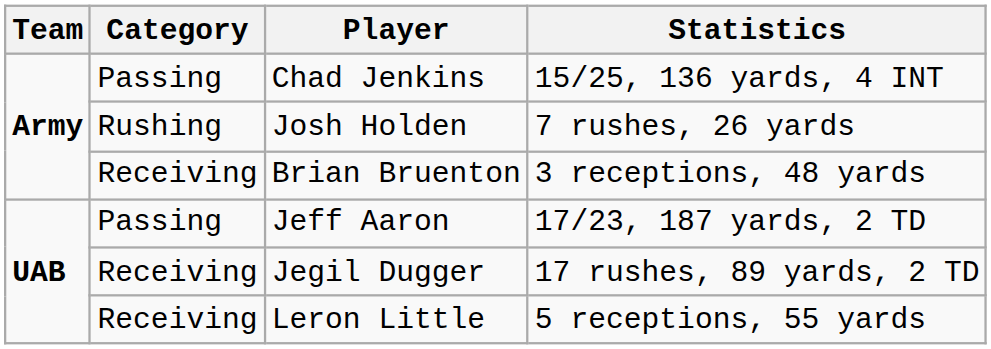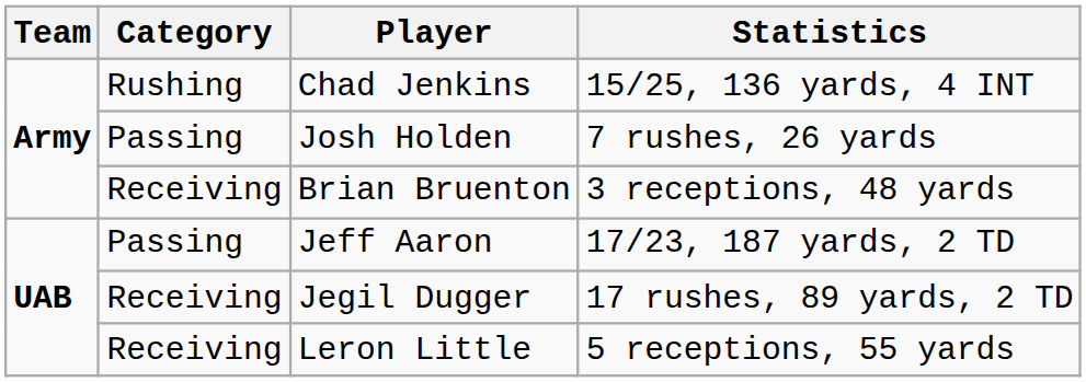 <table class="wikitable" style="float: left;">
 <tr>
 <th>Team</th>
 <th>Category</th>
 <th>Player</th>
 <th>Statistics</th>
 </tr>
 <tr>
 <td rowspan=3><strong>Army</strong></td>
-<td>Passing</td>
+<td>Rushing</td>
 <td>Chad Jenkins</td>
 <td>15/25, 136 yards, 4 INT</td>
 </tr>
 <tr>
-<td>Rushing</td>
+<td>Passing</td>
 <td>Josh Holden</td>
 <td>7 rushes, 26 yards</td>
 </tr>
 <tr>
 <td>Receiving</td>
 <td>Brian Bruenton</td>
 <td>3 receptions, 48 yards</td>
 </tr>
 <tr>
 <td rowspan=3><strong>UAB</strong></td>
 <td>Passing</td>
 <td>Jeff Aaron</td>
 <td>17/23, 187 yards, 2 TD</td>
 </tr>
 <tr>
 <td>Receiving</td>
 <td>Jegil Dugger</td>
 <td>17 rushes, 89 yards, 2 TD</td>
 </tr>
 <tr>
 <td>Receiving</td>
 <td>Leron Little</td>
 <td>5 receptions, 55 yards</td>
 </tr>
 </table>
